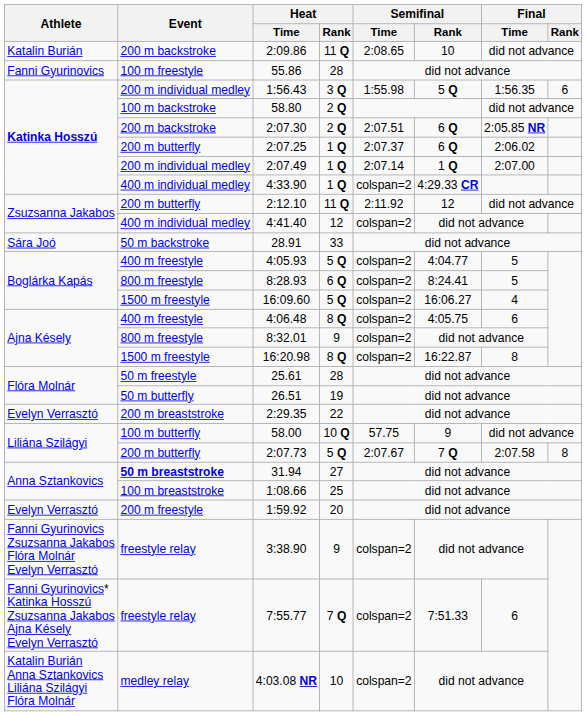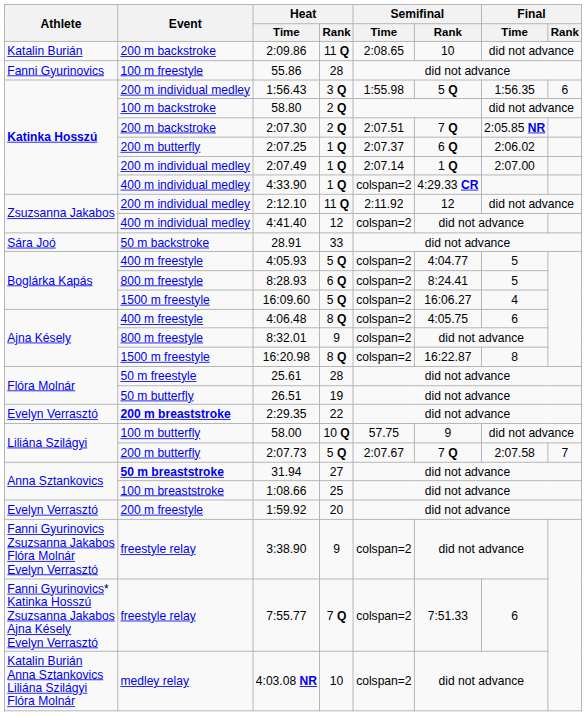 <table class=wikitable style="font-size:90%">
 <tr>
 <th rowspan="2">Athlete</th>
 <th rowspan="2">Event</th>
 <th colspan="2">Heat</th>
 <th colspan="2">Semifinal</th>
 <th colspan="2">Final</th>
 </tr>
 <tr style="font-size:95%">
 <th>Time</th>
 <th>Rank</th>
 <th>Time</th>
 <th>Rank</th>
 <th>Time</th>
 <th>Rank</th>
 </tr>
 <tr align=center>
 <td align=left><a href='#'>Katalin Burián</a></td>
 <td align=left><a href='#'>200 m backstroke</a></td>
 <td>2:09.86</td>
 <td>11 <strong>Q</strong></td>
 <td>2:08.65</td>
 <td>10</td>
 <td colspan=2>did not advance</td>
 </tr>
 <tr align=center>
 <td align=left><a href='#'>Fanni Gyurinovics</a></td>
 <td align=left><a href='#'>100 m freestyle</a></td>
 <td>55.86</td>
 <td>28</td>
 <td colspan=4>did not advance</td>
 </tr>
 <tr align=center>
 <td align=left rowspan=6><strong><a href='#'>Katinka Hosszú</a></strong></td>
 <td align=left><a href='#'>200 m individual medley</a></td>
 <td>1:56.43</td>
 <td>3 <strong>Q</strong></td>
 <td>1:55.98</td>
 <td>5 <strong>Q</strong></td>
 <td>1:56.35</td>
 <td>6</td>
 </tr>
 <tr align=center>
 <td align=left><a href='#'>100 m backstroke</a></td>
 <td>58.80</td>
 <td>2 <strong>Q</strong></td>
 <td colspan=2></td>
 <td colspan=2>did not advance</td>
 </tr>
 <tr align=center>
 <td align=left><a href='#'>200 m backstroke</a></td>
 <td>2:07.30</td>
 <td>2 <strong>Q</strong></td>
 <td>2:07.51</td>
-<td>6 <strong>Q</strong></td>
+<td>7 <strong>Q</strong></td>
 <td>2:05.85 <strong><a href='#'>NR</a></strong></td>
 <td></td>
 </tr>
 <tr align=center>
 <td align=left><a href='#'>200 m butterfly</a></td>
 <td>2:07.25</td>
 <td>1 <strong>Q</strong></td>
 <td>2:07.37</td>
 <td>6 <strong>Q</strong></td>
 <td>2:06.02</td>
 <td></td>
 </tr>
 <tr align=center>
 <td align=left><a href='#'>200 m individual medley</a></td>
 <td>2:07.49</td>
 <td>1 <strong>Q</strong></td>
 <td>2:07.14</td>
 <td>1 <strong>Q</strong></td>
 <td>2:07.00</td>
 <td></td>
 </tr>
 <tr align=center>
 <td align=left><a href='#'>400 m individual medley</a></td>
 <td>4:33.90</td>
 <td>1 <strong>Q</strong></td>
 <td>colspan=2 </td>
 <td>4:29.33 <strong><a href='#'>CR</a></strong></td>
 <td></td>
 </tr>
 <tr align=center>
 <td align=left rowspan=2><a href='#'>Zsuzsanna Jakabos</a></td>
-<td align=left><a href='#'>200 m butterfly</a></td>
+<td align=left><a href='#'>200 m individual medley</a></td>
 <td>2:12.10</td>
 <td>11 <strong>Q</strong></td>
 <td>2:11.92</td>
 <td>12</td>
 <td colspan=2>did not advance</td>
 </tr>
 <tr align=center>
 <td align=left><a href='#'>400 m individual medley</a></td>
 <td>4:41.40</td>
 <td>12</td>
 <td>colspan=2 </td>
 <td colspan=2>did not advance</td>
 </tr>
 <tr align=center>
 <td align=left><a href='#'>Sára Joó</a></td>
 <td align=left><a href='#'>50 m backstroke</a></td>
 <td>28.91</td>
 <td>33</td>
 <td colspan=4>did not advance</td>
 </tr>
 <tr align=center>
 <td align=left rowspan=3><a href='#'>Boglárka Kapás</a></td>
 <td align=left><a href='#'>400 m freestyle</a></td>
 <td>4:05.93</td>
 <td>5 <strong>Q</strong></td>
 <td>colspan=2 </td>
 <td>4:04.77</td>
 <td>5</td>
 </tr>
 <tr align=center>
 <td align=left><a href='#'>800 m freestyle</a></td>
 <td>8:28.93</td>
 <td>6 <strong>Q</strong></td>
 <td>colspan=2 </td>
 <td>8:24.41</td>
 <td>5</td>
 </tr>
 <tr align=center>
 <td align=left><a href='#'>1500 m freestyle</a></td>
 <td>16:09.60</td>
 <td>5 <strong>Q</strong></td>
 <td>colspan=2 </td>
 <td>16:06.27</td>
 <td>4</td>
 </tr>
 <tr align=center>
 <td align=left rowspan=3><a href='#'>Ajna Késely</a></td>
 <td align=left><a href='#'>400 m freestyle</a></td>
 <td>4:06.48</td>
 <td>8 <strong>Q</strong></td>
 <td>colspan=2 </td>
 <td>4:05.75</td>
 <td>6</td>
 </tr>
 <tr align=center>
 <td align=left><a href='#'>800 m freestyle</a></td>
 <td>8:32.01</td>
 <td>9</td>
 <td>colspan=2 </td>
 <td colspan=2>did not advance</td>
 </tr>
 <tr align=center>
 <td align=left><a href='#'>1500 m freestyle</a></td>
 <td>16:20.98</td>
 <td>8 <strong>Q</strong></td>
 <td>colspan=2 </td>
 <td>16:22.87</td>
 <td>8</td>
 </tr>
 <tr align=center>
 <td align=left rowspan=2><a href='#'>Flóra Molnár</a></td>
 <td align=left><a href='#'>50 m freestyle</a></td>
 <td>25.61</td>
 <td>28</td>
 <td colspan=4>did not advance</td>
 </tr>
 <tr align=center>
 <td align=left><a href='#'>50 m butterfly</a></td>
 <td>26.51</td>
 <td>19</td>
 <td colspan=4>did not advance</td>
 </tr>
 <tr align=center>
 <td align=left><a href='#'>Evelyn Verrasztó</a></td>
-<td align=left><a href='#'>200 m breaststroke</a></td>
+<td align=left><strong><a href='#'>200 m breaststroke</a></strong></td>
 <td>2:29.35</td>
 <td>22</td>
 <td colspan=4>did not advance</td>
 </tr>
 <tr align=center>
 <td align=left rowspan=2><a href='#'>Liliána Szilágyi</a></td>
 <td align=left><a href='#'>100 m butterfly</a></td>
 <td>58.00</td>
 <td>10 <strong>Q</strong></td>
 <td>57.75</td>
 <td>9</td>
 <td colspan=2>did not advance</td>
 </tr>
 <tr align=center>
 <td align=left><a href='#'>200 m butterfly</a></td>
 <td>2:07.73</td>
 <td>5 <strong>Q</strong></td>
 <td>2:07.67</td>
 <td>7 <strong>Q</strong></td>
 <td>2:07.58</td>
-<td>8</td>
+<td>7</td>
 </tr>
 <tr align=center>
 <td align=left rowspan=2><a href='#'>Anna Sztankovics</a></td>
 <td align=left><strong><a href='#'>50 m breaststroke</a></strong></td>
 <td>31.94</td>
 <td>27</td>
 <td colspan=4>did not advance</td>
 </tr>
 <tr align=center>
 <td align=left><a href='#'>100 m breaststroke</a></td>
 <td>1:08.66</td>
 <td>25</td>
 <td colspan=4>did not advance</td>
 </tr>
 <tr align=center>
 <td align=left><a href='#'>Evelyn Verrasztó</a></td>
 <td align=left><a href='#'>200 m freestyle</a></td>
 <td>1:59.92</td>
 <td>20</td>
 <td colspan=4>did not advance</td>
 </tr>
 <tr align=center>
 <td align=left><a href='#'>Fanni Gyurinovics</a><br><a href='#'>Zsuzsanna Jakabos</a><br><a href='#'>Flóra Molnár</a><br><a href='#'>Evelyn Verrasztó</a></td>
 <td align=left><a href='#'> freestyle relay</a></td>
 <td>3:38.90</td>
 <td>9</td>
 <td>colspan=2 </td>
 <td colspan=2>did not advance</td>
 </tr>
 <tr align=center>
 <td align=left><a href='#'>Fanni Gyurinovics</a>*<br><a href='#'>Katinka Hosszú</a><br><a href='#'>Zsuzsanna Jakabos</a><br><a href='#'>Ajna Késely</a><br><a href='#'>Evelyn Verrasztó</a></td>
 <td align=left><a href='#'> freestyle relay</a></td>
 <td>7:55.77</td>
 <td>7 <strong>Q</strong></td>
 <td>colspan=2 </td>
 <td>7:51.33</td>
 <td>6</td>
 </tr>
 <tr align=center>
 <td align=left><a href='#'>Katalin Burián</a><br><a href='#'>Anna Sztankovics</a><br><a href='#'>Liliána Szilágyi</a><br><a href='#'>Flóra Molnár</a></td>
 <td align=left><a href='#'> medley relay</a></td>
 <td>4:03.08 <strong><a href='#'>NR</a></strong></td>
 <td>10</td>
 <td>colspan=2 </td>
 <td colspan=2>did not advance</td>
 </tr>
 </table>
